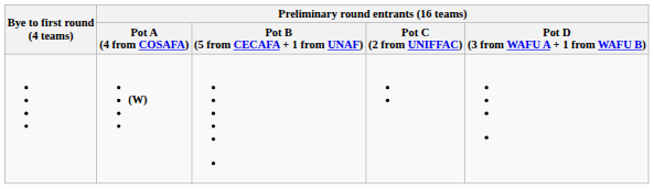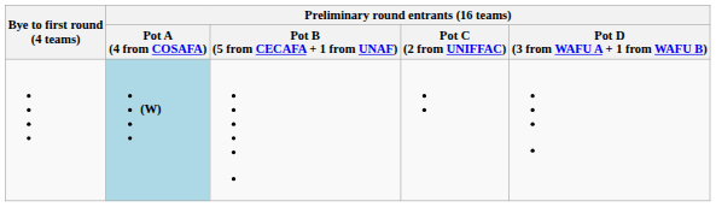 <table class="wikitable">
 <tr>
 <th rowspan=2>Bye to first round<br>(4 teams)</th>
 <th colspan=4>Preliminary round entrants (16 teams)</th>
 </tr>
 <tr>
 <th>Pot A<br>(4 from <a href='#'>COSAFA</a>)</th>
 <th>Pot B<br>(5 from <a href='#'>CECAFA</a> + 1 from <a href='#'>UNAF</a>)</th>
 <th>Pot C<br>(2 from <a href='#'>UNIFFAC</a>)</th>
 <th>Pot D<br>(3 from <a href='#'>WAFU A</a> + 1 from <a href='#'>WAFU B</a>)</th>
 </tr>
 <tr>
 <td valign=top><br><ul><li></li><li></li><li></li><li></li></ul></td>
-<td valign=top><br><ul><li></li><li> <strong>(W)</strong></li><li></li><li></li></ul></td>
+<td valign=top style="background: lightblue;"><br><ul><li></li><li> <strong>(W)</strong></li><li></li><li></li></ul></td>
 <td valign=top><br><ul><li></li><li></li><li></li><li></li><li></li></ul><ul><li></li></ul></td>
 <td valign=top><br><ul><li></li><li></li></ul></td>
 <td valign=top><br><ul><li></li><li></li><li></li></ul><ul><li></li></ul></td>
 </tr>
 </table>
